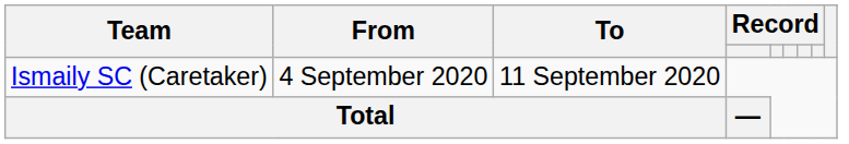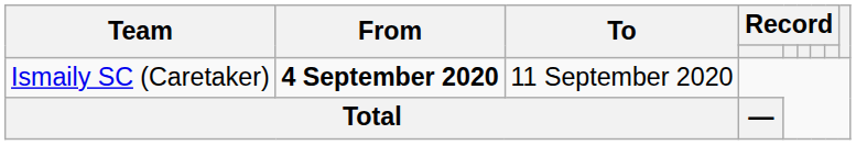 <table class=wikitable style=text-align:center>
 <tr>
 <th rowspan=2>Team</th>
 <th rowspan=2>From</th>
 <th rowspan=2>To</th>
 <th colspan=5>Record</th>
 <th rowspan=2></th>
 </tr>
 <tr>
 <th></th>
 <th></th>
 <th></th>
 <th></th>
 <th></th>
 </tr>
 <tr>
 <td align=left><a href='#'>Ismaily SC</a> (Caretaker)</td>
-<td align=left>4 September 2020</td>
+<td align=left><strong>4 September 2020</strong></td>
 <td align=left>11 September 2020<br></td>
 </tr>
 <tr>
 <th colspan=3>Total<br></th>
 <th>—</th>
 </tr>
 </table>
